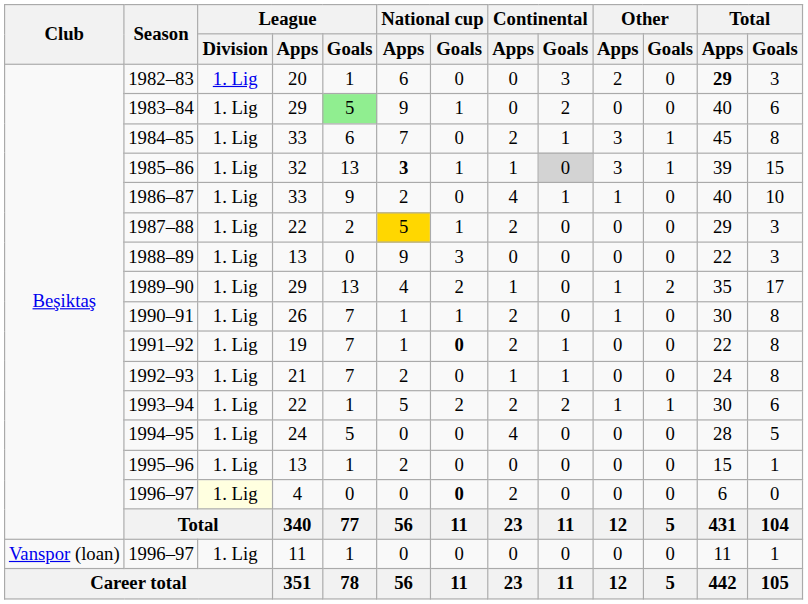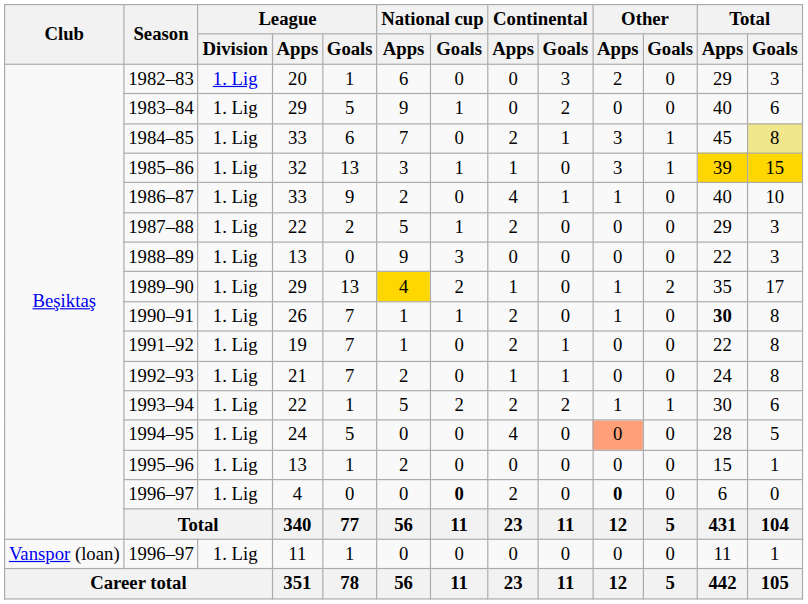 <table class="wikitable" style="text-align:center">
 <tr>
 <th rowspan="2">Club</th>
 <th rowspan="2">Season</th>
 <th colspan="3">League</th>
 <th colspan="2">National cup</th>
 <th colspan="2">Continental</th>
 <th colspan="2">Other</th>
 <th colspan="2">Total</th>
 </tr>
 <tr>
 <th>Division</th>
 <th>Apps</th>
 <th>Goals</th>
 <th>Apps</th>
 <th>Goals</th>
 <th>Apps</th>
 <th>Goals</th>
 <th>Apps</th>
 <th>Goals</th>
 <th>Apps</th>
 <th>Goals</th>
 </tr>
 <tr>
 <td rowspan="16"><a href='#'>Beşiktaş</a></td>
 <td>1982–83</td>
 <td><a href='#'>1. Lig</a></td>
 <td>20</td>
 <td>1</td>
 <td>6</td>
 <td>0</td>
 <td>0</td>
 <td>3</td>
 <td>2</td>
 <td>0</td>
-<td><strong>29</strong></td>
+<td>29</td>
 <td>3</td>
 </tr>
 <tr>
 <td>1983–84</td>
 <td>1. Lig</td>
 <td>29</td>
-<td style="background: lightgreen;">5</td>
+<td>5</td>
 <td>9</td>
 <td>1</td>
 <td>0</td>
 <td>2</td>
 <td>0</td>
 <td>0</td>
 <td>40</td>
 <td>6</td>
 </tr>
 <tr>
 <td>1984–85</td>
 <td>1. Lig</td>
 <td>33</td>
 <td>6</td>
 <td>7</td>
 <td>0</td>
 <td>2</td>
 <td>1</td>
 <td>3</td>
 <td>1</td>
 <td>45</td>
-<td>8</td>
+<td style="background: khaki;">8</td>
 </tr>
 <tr>
 <td>1985–86</td>
 <td>1. Lig</td>
 <td>32</td>
 <td>13</td>
-<td><strong>3</strong></td>
+<td>3</td>
 <td>1</td>
 <td>1</td>
-<td style="background: lightgrey;">0</td>
+<td>0</td>
 <td>3</td>
 <td>1</td>
-<td>39</td>
-<td>15</td>
+<td style="background: gold;">39</td>
+<td style="background: gold;">15</td>
 </tr>
 <tr>
 <td>1986–87</td>
 <td>1. Lig</td>
 <td>33</td>
 <td>9</td>
 <td>2</td>
 <td>0</td>
 <td>4</td>
 <td>1</td>
 <td>1</td>
 <td>0</td>
 <td>40</td>
 <td>10</td>
 </tr>
 <tr>
 <td>1987–88</td>
 <td>1. Lig</td>
 <td>22</td>
 <td>2</td>
-<td style="background: gold;">5</td>
+<td>5</td>
 <td>1</td>
 <td>2</td>
 <td>0</td>
 <td>0</td>
 <td>0</td>
 <td>29</td>
 <td>3</td>
 </tr>
 <tr>
 <td>1988–89</td>
 <td>1. Lig</td>
 <td>13</td>
 <td>0</td>
 <td>9</td>
 <td>3</td>
 <td>0</td>
 <td>0</td>
 <td>0</td>
 <td>0</td>
 <td>22</td>
 <td>3</td>
 </tr>
 <tr>
 <td>1989–90</td>
 <td>1. Lig</td>
 <td>29</td>
 <td>13</td>
-<td>4</td>
+<td style="background: gold;">4</td>
 <td>2</td>
 <td>1</td>
 <td>0</td>
 <td>1</td>
 <td>2</td>
 <td>35</td>
 <td>17</td>
 </tr>
 <tr>
 <td>1990–91</td>
 <td>1. Lig</td>
 <td>26</td>
 <td>7</td>
 <td>1</td>
 <td>1</td>
 <td>2</td>
 <td>0</td>
 <td>1</td>
 <td>0</td>
-<td>30</td>
+<td><strong>30</strong></td>
 <td>8</td>
 </tr>
 <tr>
 <td>1991–92</td>
 <td>1. Lig</td>
 <td>19</td>
 <td>7</td>
 <td>1</td>
-<td><strong>0</strong></td>
+<td>0</td>
 <td>2</td>
 <td>1</td>
 <td>0</td>
 <td>0</td>
 <td>22</td>
 <td>8</td>
 </tr>
 <tr>
 <td>1992–93</td>
 <td>1. Lig</td>
 <td>21</td>
 <td>7</td>
 <td>2</td>
 <td>0</td>
 <td>1</td>
 <td>1</td>
 <td>0</td>
 <td>0</td>
 <td>24</td>
 <td>8</td>
 </tr>
 <tr>
 <td>1993–94</td>
 <td>1. Lig</td>
 <td>22</td>
 <td>1</td>
 <td>5</td>
 <td>2</td>
 <td>2</td>
 <td>2</td>
 <td>1</td>
 <td>1</td>
 <td>30</td>
 <td>6</td>
 </tr>
 <tr>
 <td>1994–95</td>
 <td>1. Lig</td>
 <td>24</td>
 <td>5</td>
 <td>0</td>
 <td>0</td>
 <td>4</td>
 <td>0</td>
-<td>0</td>
+<td style="background: lightsalmon;">0</td>
 <td>0</td>
 <td>28</td>
 <td>5</td>
 </tr>
 <tr>
 <td>1995–96</td>
 <td>1. Lig</td>
 <td>13</td>
 <td>1</td>
 <td>2</td>
 <td>0</td>
 <td>0</td>
 <td>0</td>
 <td>0</td>
 <td>0</td>
 <td>15</td>
 <td>1</td>
 </tr>
 <tr>
 <td>1996–97</td>
-<td style="background: lightyellow;">1. Lig</td>
+<td>1. Lig</td>
 <td>4</td>
 <td>0</td>
 <td>0</td>
 <td><strong>0</strong></td>
 <td>2</td>
 <td>0</td>
-<td>0</td>
+<td><strong>0</strong></td>
 <td>0</td>
 <td>6</td>
 <td>0</td>
 </tr>
 <tr>
 <th colspan="2">Total</th>
 <th>340</th>
 <th>77</th>
 <th>56</th>
 <th>11</th>
 <th>23</th>
 <th>11</th>
 <th>12</th>
 <th>5</th>
 <th>431</th>
 <th>104</th>
 </tr>
 <tr>
 <td><a href='#'>Vanspor</a> (loan)</td>
 <td>1996–97</td>
 <td>1. Lig</td>
 <td>11</td>
 <td>1</td>
 <td>0</td>
 <td>0</td>
 <td>0</td>
 <td>0</td>
 <td>0</td>
 <td>0</td>
 <td>11</td>
 <td>1</td>
 </tr>
 <tr>
 <th colspan="3">Career total</th>
 <th>351</th>
 <th>78</th>
 <th>56</th>
 <th>11</th>
 <th>23</th>
 <th>11</th>
 <th>12</th>
 <th>5</th>
 <th>442</th>
 <th>105</th>
 </tr>
 </table>
